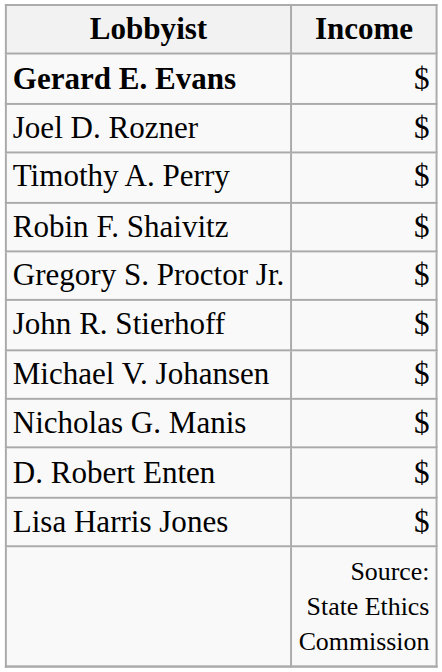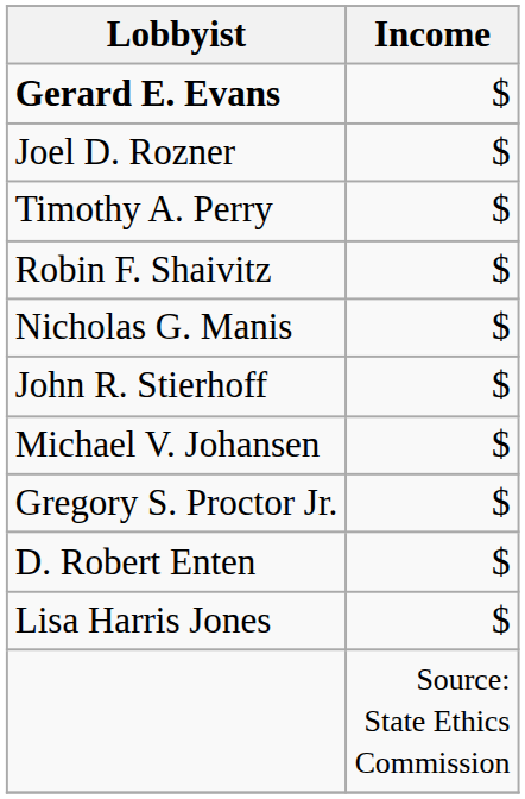 <table class="wikitable" style="float:right;">
 <tr>
 <th><strong>Lobbyist</strong></th>
 <th><strong>Income</strong></th>
 </tr>
 <tr>
 <td align="left"><strong>Gerard E. Evans</strong></td>
 <td align="right">$</td>
 </tr>
 <tr>
 <td align="left">Joel D. Rozner</td>
 <td align="right">$</td>
 </tr>
 <tr>
 <td align="left">Timothy A. Perry</td>
 <td align="right">$</td>
 </tr>
 <tr>
 <td align="left">Robin F. Shaivitz</td>
 <td align="right">$</td>
 </tr>
 <tr>
-<td align="left">Gregory S. Proctor Jr.</td>
+<td align="left">Nicholas G. Manis</td>
 <td align="right">$</td>
 </tr>
 <tr>
 <td align="left">John R. Stierhoff</td>
 <td align="right">$</td>
 </tr>
 <tr>
 <td align="left">Michael V. Johansen</td>
 <td align="right">$</td>
 </tr>
 <tr>
-<td align="left">Nicholas G. Manis</td>
+<td align="left">Gregory S. Proctor Jr.</td>
 <td align="right">$</td>
 </tr>
 <tr>
 <td align="left">D. Robert Enten</td>
 <td align="right">$</td>
 </tr>
 <tr>
 <td align="left">Lisa Harris Jones</td>
 <td align="right">$</td>
 </tr>
 <tr>
 <td align="left"></td>
 <td align="right"><small>Source:<br> State Ethics<br>Commission</small></td>
 </tr>
 <tr>
 </tr>
 </table>
